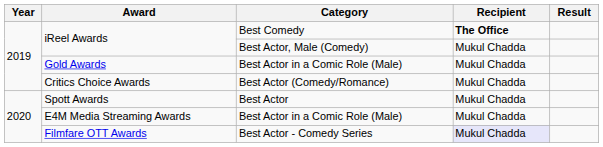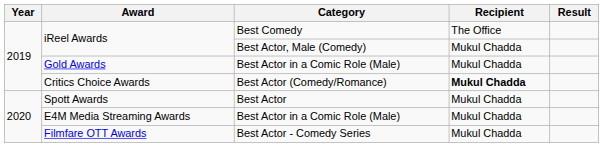 <table class="wikitable sortable" style="width: 99%;">
 <tr>
 <th>Year</th>
 <th>Award</th>
 <th>Category</th>
 <th>Recipient</th>
 <th>Result</th>
 </tr>
 <tr>
 <td rowspan="4">2019</td>
 <td rowspan="2">iReel Awards</td>
 <td>Best Comedy</td>
-<td><strong>The Office</strong></td>
+<td>The Office</td>
 <td></td>
 </tr>
 <tr>
 <td>Best Actor, Male (Comedy)</td>
 <td>Mukul Chadda</td>
 <td></td>
 </tr>
 <tr>
 <td><a href='#'>Gold Awards</a></td>
 <td>Best Actor in a Comic Role (Male)</td>
 <td>Mukul Chadda</td>
 <td></td>
 </tr>
 <tr>
 <td>Critics Choice Awards</td>
 <td>Best Actor (Comedy/Romance)</td>
-<td>Mukul Chadda</td>
+<td><strong>Mukul Chadda</strong></td>
 <td></td>
 </tr>
 <tr>
 <td rowspan="3">2020</td>
 <td>Spott Awards</td>
 <td>Best Actor</td>
 <td>Mukul Chadda</td>
 <td></td>
 </tr>
 <tr>
 <td>E4M Media Streaming Awards</td>
 <td>Best Actor in a Comic Role (Male)</td>
 <td>Mukul Chadda</td>
 <td></td>
 </tr>
 <tr>
 <td><a href='#'>Filmfare OTT Awards</a></td>
 <td>Best Actor - Comedy Series</td>
-<td style="background: lavender;">Mukul Chadda</td>
+<td>Mukul Chadda</td>
 <td></td>
 </tr>
 </table>
